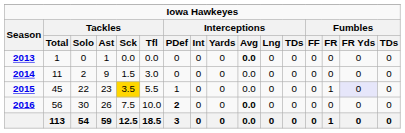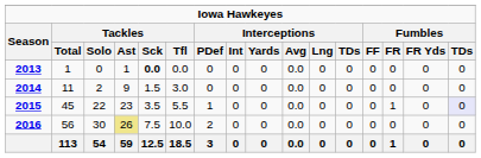 <table class=wikitable style="text-align:center;">
 <tr>
 </tr>
 <tr>
 <td ! colspan="16"><div><strong>Iowa Hawkeyes</strong></div></td>
 </tr>
 <tr>
 <th rowspan=2>Season</th>
 <th colspan=5>Tackles</th>
 <th colspan=6>Interceptions</th>
 <th colspan=4>Fumbles</th>
 </tr>
 <tr>
 <th>Total</th>
 <th>Solo</th>
 <th>Ast</th>
 <th>Sck</th>
 <th>Tfl</th>
 <th>PDef</th>
 <th>Int</th>
 <th>Yards</th>
 <th>Avg</th>
 <th>Lng</th>
 <th>TDs</th>
 <th>FF</th>
 <th>FR</th>
 <th>FR Yds</th>
 <th>TDs</th>
 </tr>
 <tr>
 <td><strong><a href='#'>2013</a></strong></td>
 <td>1</td>
 <td>0</td>
 <td>1</td>
-<td>0.0</td>
+<td><strong>0.0</strong></td>
 <td>0.0</td>
 <td>0</td>
 <td>0</td>
 <td>0</td>
-<td><strong>0.0</strong></td>
+<td>0.0</td>
 <td>0</td>
 <td>0</td>
 <td>0</td>
 <td>0</td>
 <td>0</td>
 <td>0</td>
 </tr>
 <tr>
 <td><strong><a href='#'>2014</a></strong></td>
 <td>11</td>
 <td>2</td>
 <td>9</td>
 <td>1.5</td>
 <td>3.0</td>
 <td>0</td>
 <td>0</td>
 <td>0</td>
 <td>0.0</td>
 <td>0</td>
 <td>0</td>
 <td>0</td>
 <td>0</td>
 <td>0</td>
 <td>0</td>
 </tr>
 <tr>
 <td><strong><a href='#'>2015</a></strong></td>
 <td>45</td>
 <td>22</td>
 <td>23</td>
-<td style="background: gold;">3.5</td>
+<td>3.5</td>
 <td>5.5</td>
 <td>1</td>
 <td>0</td>
 <td>0</td>
 <td>0.0</td>
 <td>0</td>
 <td>0</td>
 <td>0</td>
 <td>1</td>
+<td>0</td>
 <td style="background: lavender;">0</td>
-<td>0</td>
 </tr>
 <tr>
 <td><strong><a href='#'>2016</a></strong></td>
 <td>56</td>
 <td>30</td>
-<td>26</td>
+<td style="background: khaki;">26</td>
 <td>7.5</td>
 <td>10.0</td>
-<td><strong>2</strong></td>
+<td>2</td>
 <td>0</td>
 <td>0</td>
-<td><strong>0.0</strong></td>
+<td>0.0</td>
 <td>0</td>
 <td>0</td>
 <td>0</td>
 <td>0</td>
 <td>0</td>
 <td>0</td>
 </tr>
 <tr>
 <th colspan=1></th>
 <th>113</th>
 <th>54</th>
 <th>59</th>
 <th>12.5</th>
 <th>18.5</th>
 <th>3</th>
 <th>0</th>
 <th>0</th>
 <th>0.0</th>
 <th>0</th>
 <th>0</th>
 <th>0</th>
 <th>1</th>
 <th>0</th>
 <th>0</th>
 </tr>
 </table>
